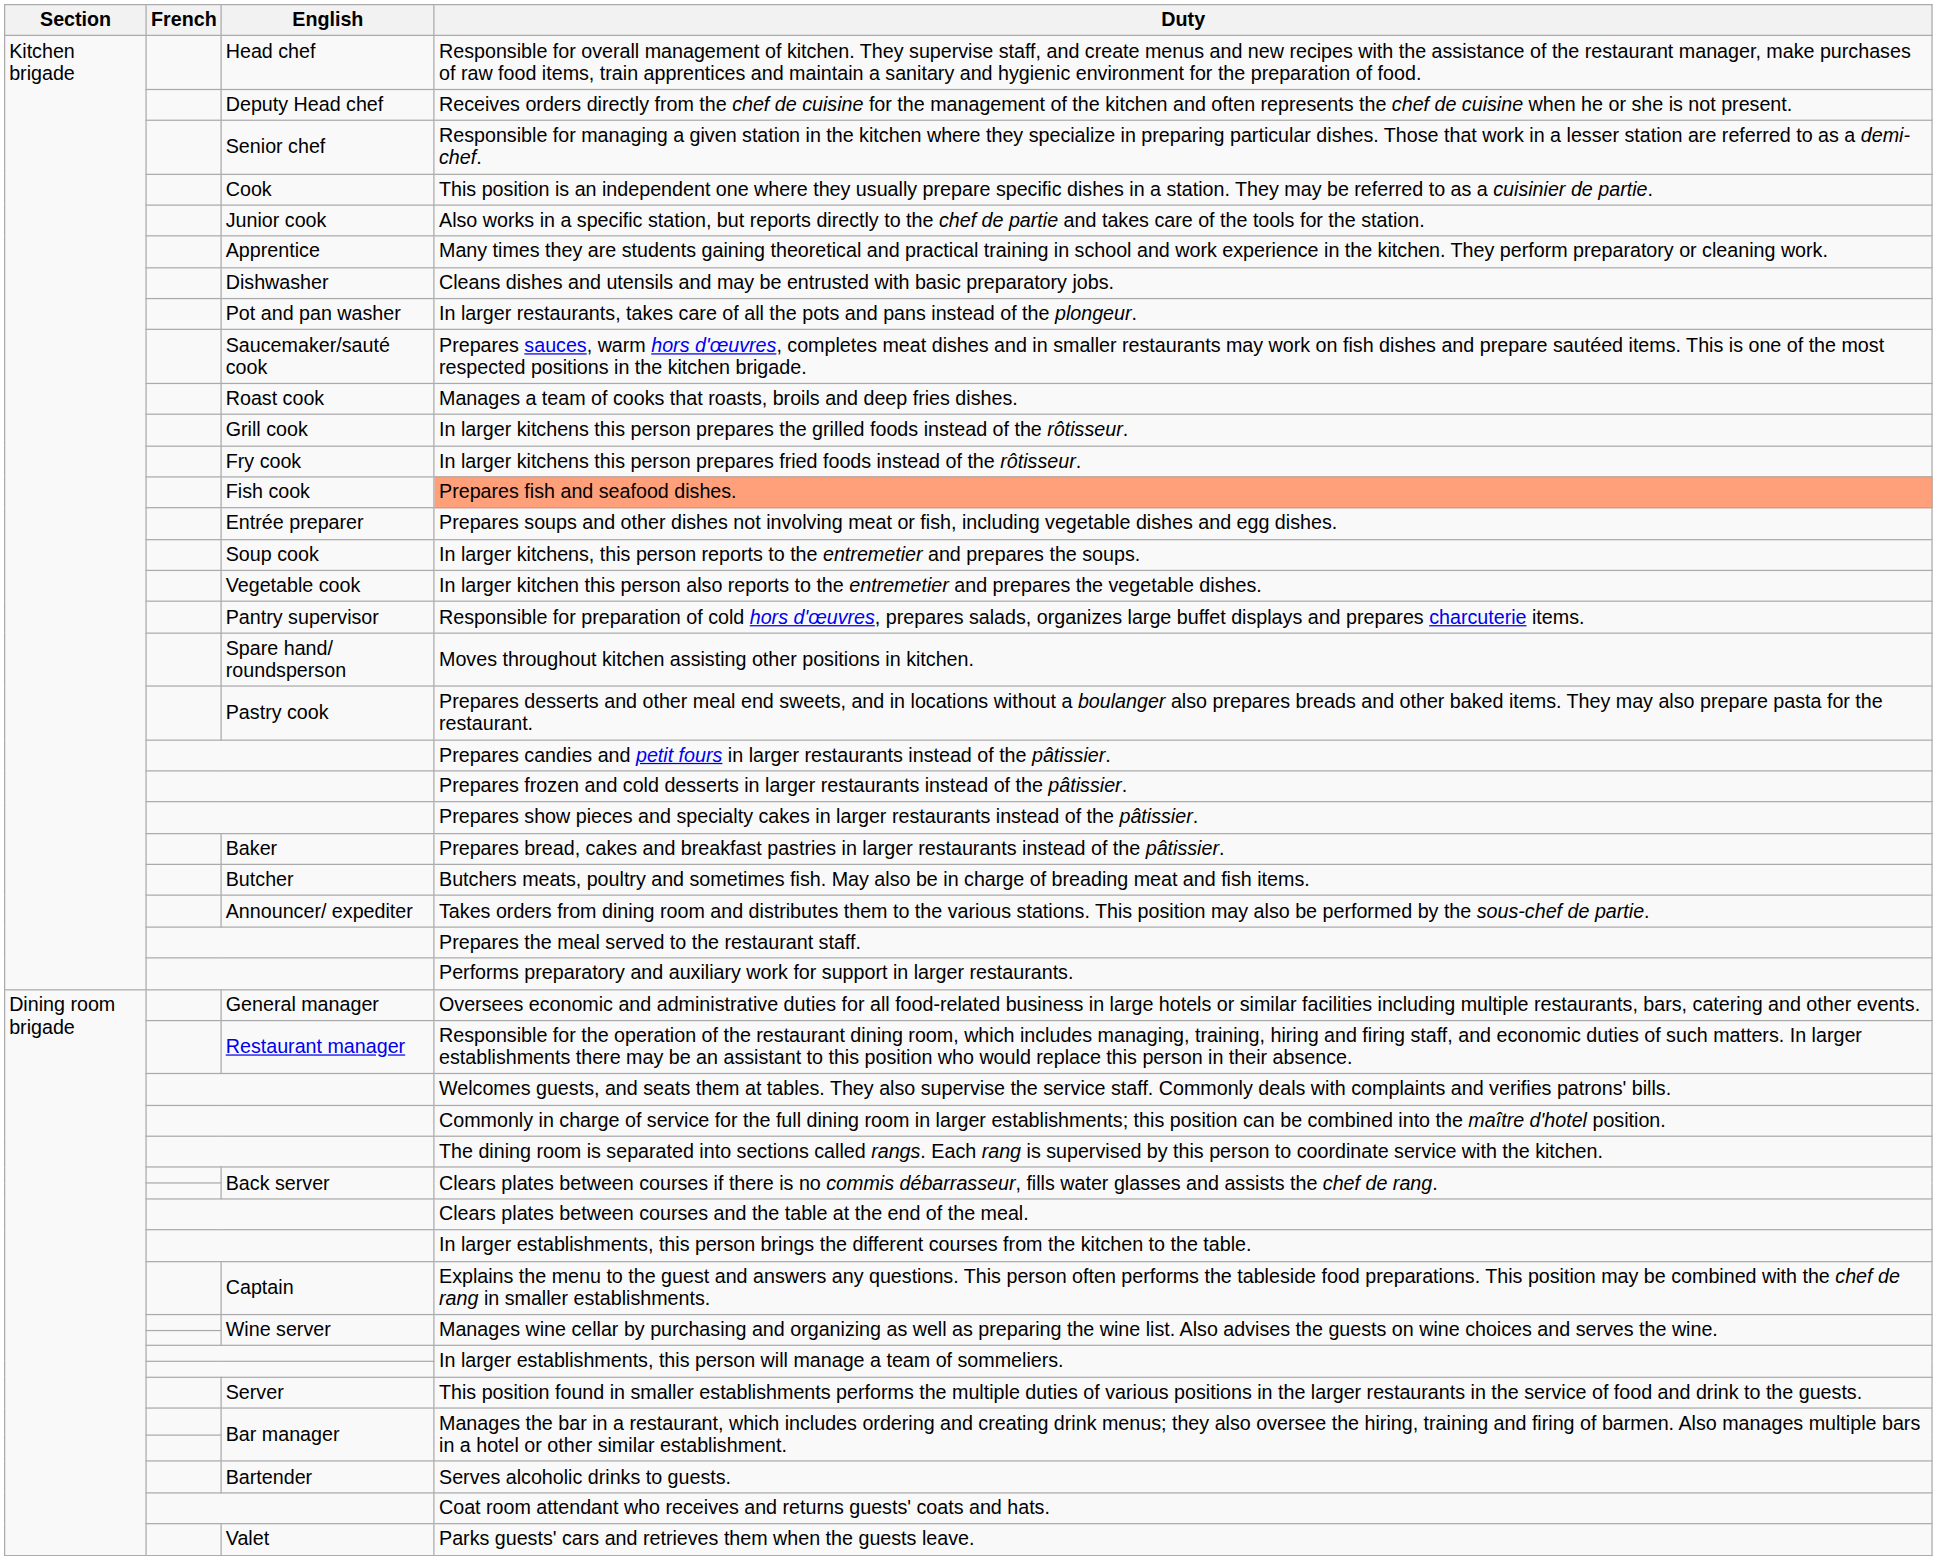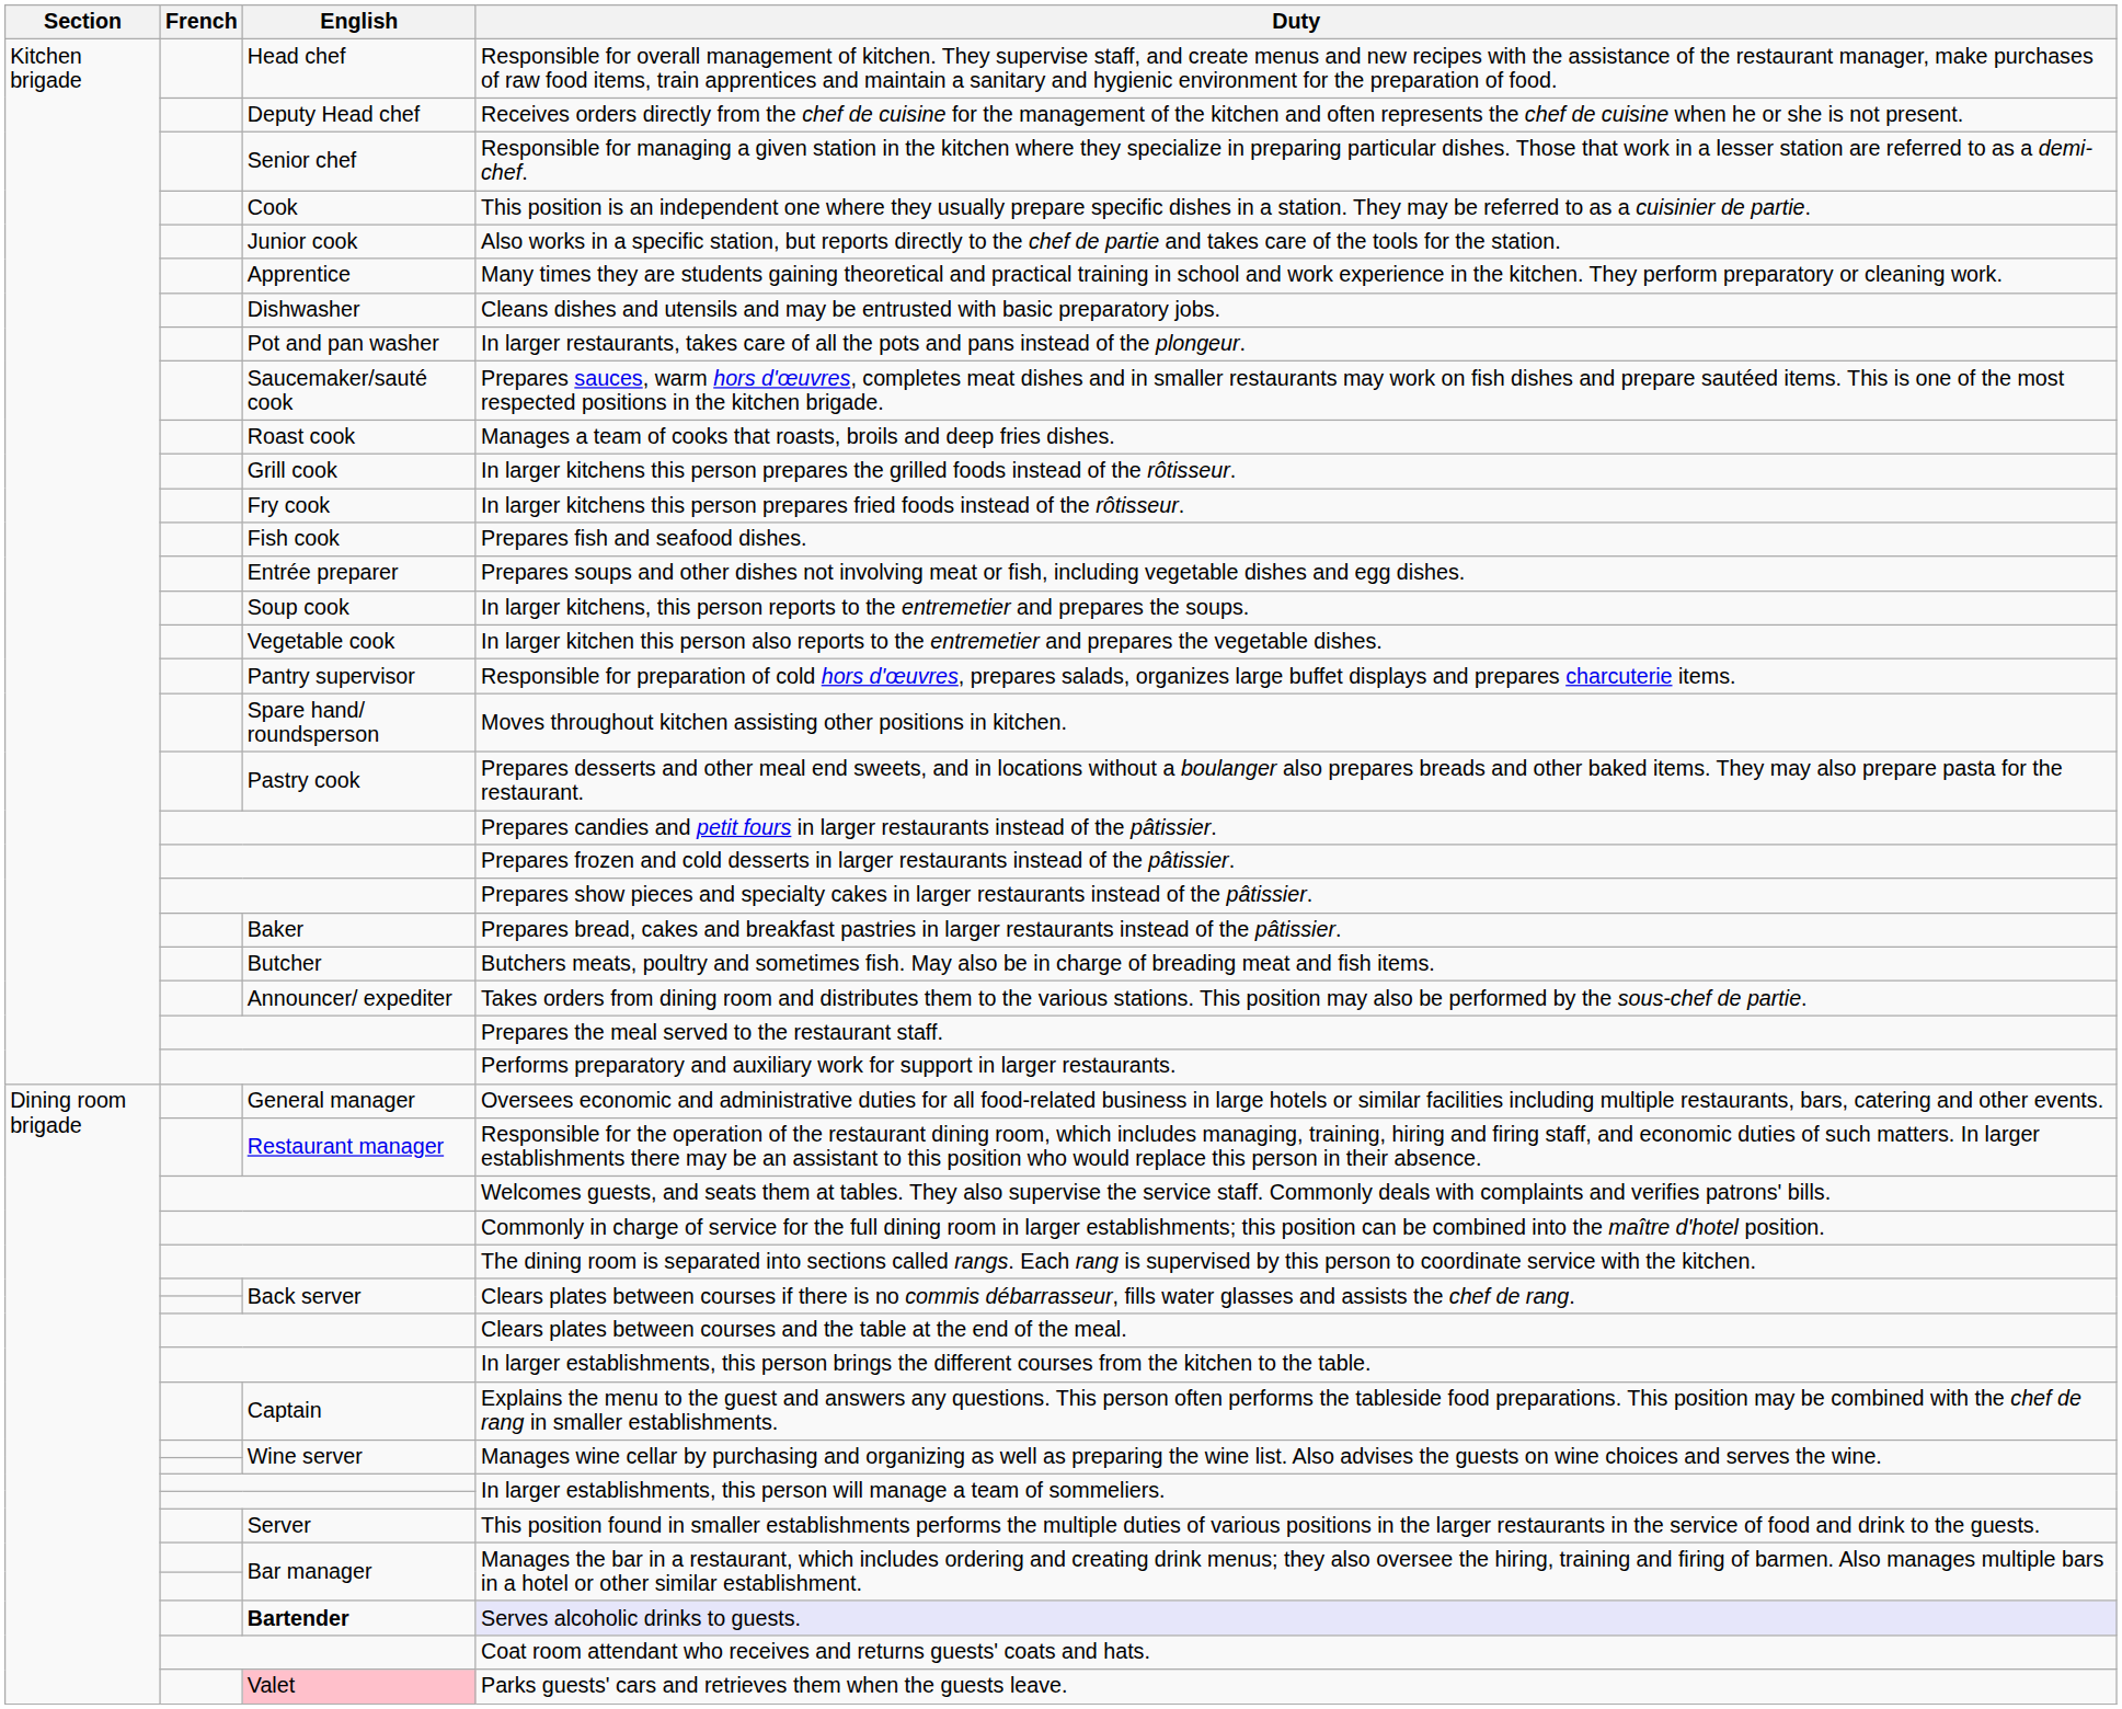 <table class="wikitable">
 <tr>
 <th>Section</th>
 <th>French</th>
 <th>English</th>
 <th>Duty</th>
 </tr>
 <tr valign="top">
 <td rowspan=27>Kitchen brigade</td>
 <td></td>
 <td>Head chef</td>
 <td>Responsible for overall management of kitchen. They supervise staff, and create menus and new recipes with the assistance of the restaurant manager, make purchases of raw food items, train apprentices and maintain a sanitary and hygienic environment for the preparation of food.</td>
 </tr>
 <tr>
 <td></td>
 <td>Deputy Head chef</td>
 <td>Receives orders directly from the <em>chef de cuisine</em> for the management of the kitchen and often represents the <em>chef de cuisine</em> when he or she is not present.</td>
 </tr>
 <tr>
 <td></td>
 <td>Senior chef</td>
 <td>Responsible for managing a given station in the kitchen where they specialize in preparing particular dishes. Those that work in a lesser station are referred to as a <em>demi-chef</em>.</td>
 </tr>
 <tr>
 <td></td>
 <td>Cook</td>
 <td>This position is an independent one where they usually prepare specific dishes in a station. They may be referred to as a <em>cuisinier de partie</em>.</td>
 </tr>
 <tr>
 <td></td>
 <td>Junior cook</td>
 <td>Also works in a specific station, but reports directly to the <em>chef de partie</em> and takes care of the tools for the station.</td>
 </tr>
 <tr>
 <td></td>
 <td>Apprentice</td>
 <td>Many times they are students gaining theoretical and practical training in school and work experience in the kitchen. They perform preparatory or cleaning work.</td>
 </tr>
 <tr>
 <td></td>
 <td>Dishwasher</td>
 <td>Cleans dishes and utensils and may be entrusted with basic preparatory jobs.</td>
 </tr>
 <tr>
 <td></td>
 <td>Pot and pan washer</td>
 <td>In larger restaurants, takes care of all the pots and pans instead of the <em>plongeur</em>.</td>
 </tr>
 <tr>
 <td></td>
 <td>Saucemaker/sauté cook</td>
 <td>Prepares <a href='#'>sauces</a>, warm <em><a href='#'>hors d'œuvres</a></em>, completes meat dishes and in smaller restaurants may work on fish dishes and prepare sautéed items. This is one of the most respected positions in the kitchen brigade.</td>
 </tr>
 <tr>
 <td></td>
 <td>Roast cook</td>
 <td>Manages a team of cooks that roasts, broils and deep fries dishes.</td>
 </tr>
 <tr>
 <td></td>
 <td>Grill cook</td>
 <td>In larger kitchens this person prepares the grilled foods instead of the <em>rôtisseur</em>.</td>
 </tr>
 <tr>
 <td></td>
 <td>Fry cook</td>
 <td>In larger kitchens this person prepares fried foods instead of the <em>rôtisseur</em>.</td>
 </tr>
 <tr>
 <td></td>
 <td>Fish cook</td>
-<td style="background: lightsalmon;">Prepares fish and seafood dishes.</td>
+<td>Prepares fish and seafood dishes.</td>
 </tr>
 <tr>
 <td></td>
 <td>Entrée preparer</td>
 <td>Prepares soups and other dishes not involving meat or fish, including vegetable dishes and egg dishes.</td>
 </tr>
 <tr>
 <td></td>
 <td>Soup cook</td>
 <td>In larger kitchens, this person reports to the <em>entremetier</em> and prepares the soups.</td>
 </tr>
 <tr>
 <td></td>
 <td>Vegetable cook</td>
 <td>In larger kitchen this person also reports to the <em>entremetier</em> and prepares the vegetable dishes.</td>
 </tr>
 <tr>
 <td></td>
 <td>Pantry supervisor</td>
 <td>Responsible for preparation of cold <em><a href='#'>hors d'œuvres</a></em>, prepares salads, organizes large buffet displays and prepares <a href='#'>charcuterie</a> items.</td>
 </tr>
 <tr>
 <td></td>
 <td>Spare hand/ roundsperson</td>
 <td>Moves throughout kitchen assisting other positions in kitchen.</td>
 </tr>
 <tr>
 <td></td>
 <td>Pastry cook</td>
 <td>Prepares desserts and other meal end sweets, and in locations without a <em>boulanger</em> also prepares breads and other baked items. They may also prepare pasta for the restaurant.</td>
 </tr>
 <tr>
 <td colspan=2></td>
 <td>Prepares candies and <em><a href='#'>petit fours</a></em> in larger restaurants instead of the <em>pâtissier</em>.</td>
 </tr>
 <tr>
 <td colspan=2></td>
 <td>Prepares frozen and cold desserts in larger restaurants instead of the <em>pâtissier</em>.</td>
 </tr>
 <tr>
 <td colspan=2></td>
 <td>Prepares show pieces and specialty cakes in larger restaurants instead of the <em>pâtissier</em>.</td>
 </tr>
 <tr>
 <td></td>
 <td>Baker</td>
 <td>Prepares bread, cakes and breakfast pastries in larger restaurants instead of the <em>pâtissier</em>.</td>
 </tr>
 <tr>
 <td></td>
 <td>Butcher</td>
 <td>Butchers meats, poultry and sometimes fish. May also be in charge of breading meat and fish items.</td>
 </tr>
 <tr>
 <td></td>
 <td>Announcer/ expediter</td>
 <td>Takes orders from dining room and distributes them to the various stations. This position may also be performed by the <em>sous-chef de partie</em>.</td>
 </tr>
 <tr>
 <td colspan=2></td>
 <td>Prepares the meal served to the restaurant staff.</td>
 </tr>
 <tr>
 <td colspan=2></td>
 <td>Performs preparatory and auxiliary work for support in larger restaurants.</td>
 </tr>
 <tr valign="top">
 <td rowspan=20>Dining room brigade</td>
 <td></td>
 <td>General manager</td>
 <td>Oversees economic and administrative duties for all food-related business in large hotels or similar facilities including multiple restaurants, bars, catering and other events.</td>
 </tr>
 <tr>
 <td></td>
 <td><a href='#'>Restaurant manager</a></td>
 <td>Responsible for the operation of the restaurant dining room, which includes managing, training, hiring and firing staff, and economic duties of such matters. In larger establishments there may be an assistant to this position who would replace this person in their absence.</td>
 </tr>
 <tr>
 <td colspan=2></td>
 <td>Welcomes guests, and seats them at tables. They also supervise the service staff. Commonly deals with complaints and verifies patrons' bills.</td>
 </tr>
 <tr>
 <td colspan=2></td>
 <td>Commonly in charge of service for the full dining room in larger establishments; this position can be combined into the <em>maître d'hotel</em> position.</td>
 </tr>
 <tr>
 <td colspan=2></td>
 <td>The dining room is separated into sections called <em>rangs</em>. Each <em>rang</em> is supervised by this person to coordinate service with the kitchen.</td>
 </tr>
 <tr>
 <td></td>
 <td rowspan=2>Back server</td>
 <td rowspan=2>Clears plates between courses if there is no <em>commis débarrasseur</em>, fills water glasses and assists the <em>chef de rang</em>.</td>
 </tr>
 <tr>
 <td></td>
 </tr>
 <tr>
 <td colspan=2></td>
 <td>Clears plates between courses and the table at the end of the meal.</td>
 </tr>
 <tr>
 <td colspan=2></td>
 <td>In larger establishments, this person brings the different courses from the kitchen to the table.</td>
 </tr>
 <tr>
 <td></td>
 <td>Captain</td>
 <td>Explains the menu to the guest and answers any questions. This person often performs the tableside food preparations. This position may be combined with the <em>chef de rang</em> in smaller establishments.</td>
 </tr>
 <tr>
 <td></td>
 <td rowspan=2>Wine server</td>
 <td rowspan=2>Manages wine cellar by purchasing and organizing as well as preparing the wine list. Also advises the guests on wine choices and serves the wine.</td>
 </tr>
 <tr>
 <td></td>
 </tr>
 <tr>
 <td colspan=2></td>
 <td rowspan=2>In larger establishments, this person will manage a team of sommeliers.</td>
 </tr>
 <tr>
 <td colspan=2></td>
 </tr>
 <tr>
 <td></td>
 <td>Server</td>
 <td>This position found in smaller establishments performs the multiple duties of various positions in the larger restaurants in the service of food and drink to the guests.</td>
 </tr>
 <tr>
 <td></td>
 <td rowspan=2>Bar manager</td>
 <td rowspan=2>Manages the bar in a restaurant, which includes ordering and creating drink menus; they also oversee the hiring, training and firing of barmen. Also manages multiple bars in a hotel or other similar establishment.</td>
 </tr>
 <tr>
 <td></td>
 </tr>
 <tr>
 <td></td>
-<td>Bartender</td>
-<td>Serves alcoholic drinks to guests.</td>
+<td><strong>Bartender</strong></td>
+<td style="background: lavender;">Serves alcoholic drinks to guests.</td>
 </tr>
 <tr>
 <td colspan=2></td>
 <td>Coat room attendant who receives and returns guests' coats and hats.</td>
 </tr>
 <tr>
 <td></td>
-<td>Valet</td>
+<td style="background: pink;">Valet</td>
 <td>Parks guests' cars and retrieves them when the guests leave.</td>
 </tr>
 </table>
